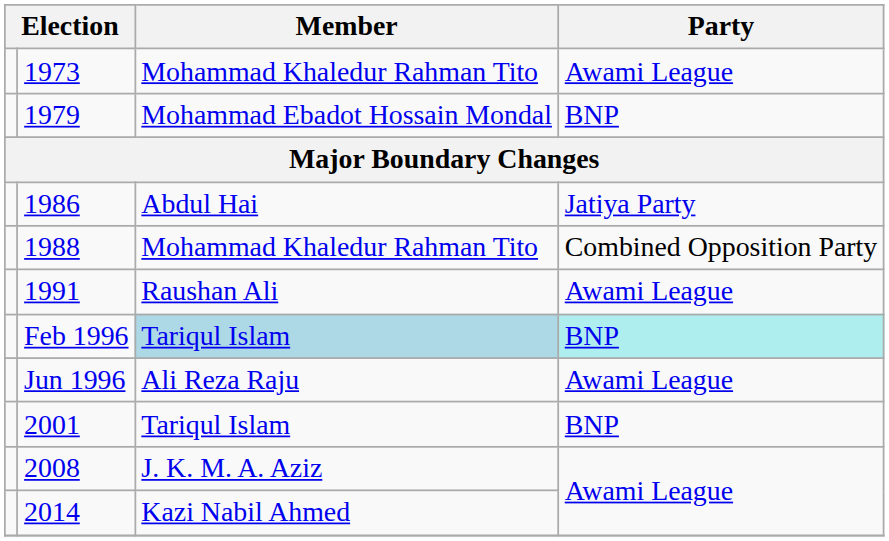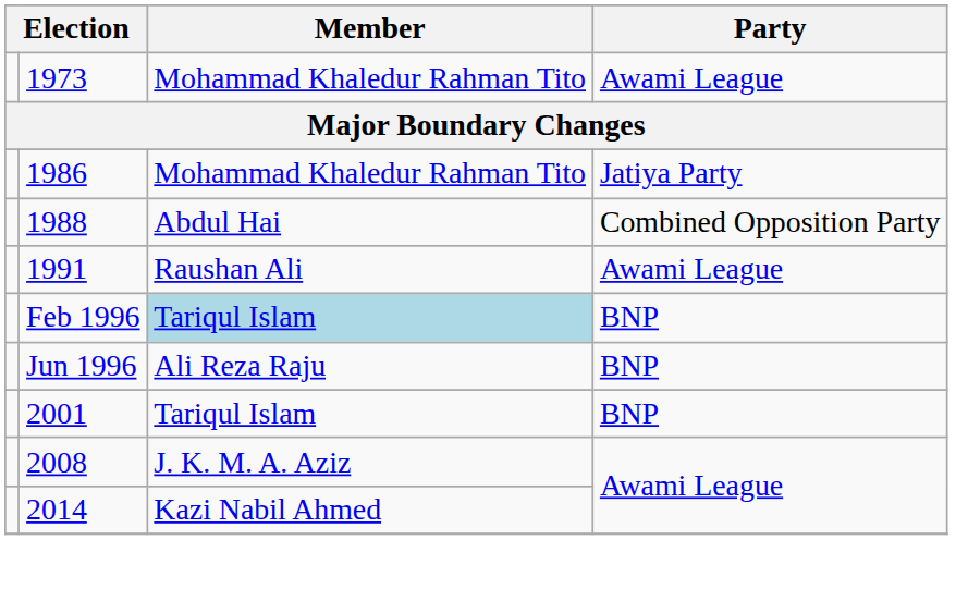 <table class="wikitable">
 <tr>
 <th colspan="2">Election</th>
 <th>Member</th>
 <th>Party</th>
 </tr>
 <tr>
 <td style="background-color:"></td>
 <td><a href='#'>1973</a></td>
 <td><a href='#'>Mohammad Khaledur Rahman Tito</a></td>
 <td><a href='#'>Awami League</a></td>
 </tr>
 <tr>
-<td style="background-color:"></td>
-<td><a href='#'>1979</a></td>
-<td><a href='#'>Mohammad Ebadot Hossain Mondal</a></td>
-<td><a href='#'>BNP</a></td>
-</tr>
-<tr>
 <th colspan="4">Major Boundary Changes</th>
 </tr>
 <tr>
 <td style="background-color:"></td>
 <td><a href='#'>1986</a></td>
-<td><a href='#'>Abdul Hai</a></td>
+<td><a href='#'>Mohammad Khaledur Rahman Tito</a></td>
 <td><a href='#'>Jatiya Party</a></td>
 </tr>
 <tr>
 <td></td>
 <td><a href='#'>1988</a></td>
-<td><a href='#'>Mohammad Khaledur Rahman Tito</a></td>
+<td><a href='#'>Abdul Hai</a></td>
 <td>Combined Opposition Party</td>
 </tr>
 <tr>
 <td style="background-color:"></td>
 <td><a href='#'>1991</a></td>
 <td><a href='#'>Raushan Ali</a></td>
 <td><a href='#'>Awami League</a></td>
 </tr>
 <tr>
 <td style="background-color:"></td>
 <td><a href='#'>Feb 1996</a></td>
 <td style="background: lightblue;"><a href='#'>Tariqul Islam</a></td>
-<td style="background: paleturquoise;"><a href='#'>BNP</a></td>
+<td><a href='#'>BNP</a></td>
 </tr>
 <tr>
 <td style="background-color:"></td>
 <td><a href='#'>Jun 1996</a></td>
 <td><a href='#'>Ali Reza Raju</a></td>
-<td><a href='#'>Awami League</a></td>
+<td><a href='#'>BNP</a></td>
 </tr>
 <tr>
 <td style="background-color:"></td>
 <td><a href='#'>2001</a></td>
 <td><a href='#'>Tariqul Islam</a></td>
 <td><a href='#'>BNP</a></td>
 </tr>
 <tr>
 <td style="background-color:"></td>
 <td><a href='#'>2008</a></td>
 <td><a href='#'>J. K. M. A. Aziz</a></td>
 <td rowspan="2"><a href='#'>Awami League</a></td>
 </tr>
 <tr>
 <td style="background-color:"></td>
 <td><a href='#'>2014</a></td>
 <td><a href='#'>Kazi Nabil Ahmed</a></td>
 </tr>
 <tr>
 </tr>
 </table>
